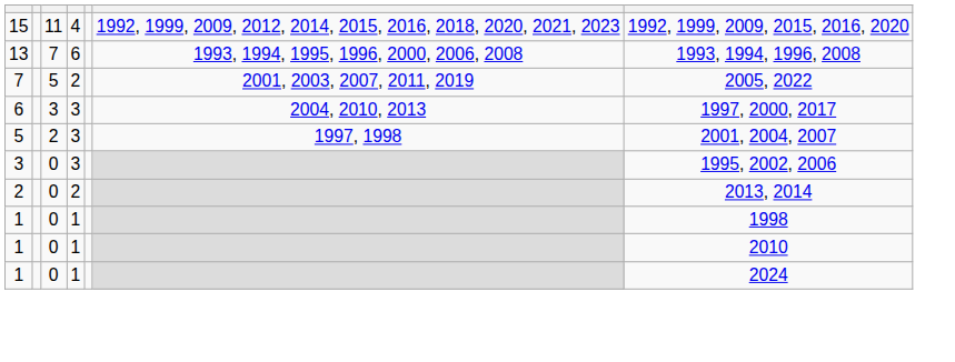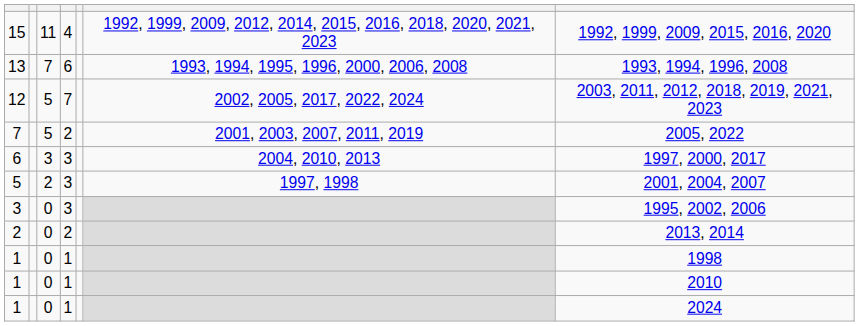 <table class="wikitable" style="text-align:center;">
 <tr>
 <th></th>
 <th></th>
 <th></th>
 <th></th>
 <th></th>
 <th></th>
 <th></th>
 </tr>
 <tr>
 <td>15</td>
 <td style=><a href='#'></a></td>
 <td>11</td>
 <td>4</td>
 <td></td>
 <td><a href='#'>1992</a>, <a href='#'>1999</a>, <a href='#'>2009</a>, <a href='#'>2012</a>, <a href='#'>2014</a>, <a href='#'>2015</a>, <a href='#'>2016</a>, <a href='#'>2018</a>, <a href='#'>2020</a>, <a href='#'>2021</a>, <a href='#'>2023</a></td>
 <td><a href='#'>1992</a>, <a href='#'>1999</a>, <a href='#'>2009</a>, <a href='#'>2015</a>, <a href='#'>2016</a>, <a href='#'>2020</a></td>
 </tr>
 <tr>
 <td>13</td>
 <td style=><a href='#'></a></td>
 <td>7</td>
 <td>6</td>
 <td></td>
 <td><a href='#'>1993</a>, <a href='#'>1994</a>, <a href='#'>1995</a>, <a href='#'>1996</a>, <a href='#'>2000</a>, <a href='#'>2006</a>, <a href='#'>2008</a></td>
 <td><a href='#'>1993</a>, <a href='#'>1994</a>, <a href='#'>1996</a>, <a href='#'>2008</a></td>
+</tr>
+<tr>
+<td>12</td>
+<td style=><a href='#'></a></td>
+<td>5</td>
+<td>7</td>
+<td></td>
+<td><a href='#'>2002</a>, <a href='#'>2005</a>, <a href='#'>2017</a>, <a href='#'>2022</a>, <a href='#'>2024</a></td>
+<td><a href='#'>2003</a>, <a href='#'>2011</a>, <a href='#'>2012</a>, <a href='#'>2018</a>, <a href='#'>2019</a>, <a href='#'>2021</a>, <a href='#'>2023</a></td>
 </tr>
 <tr>
 <td>7</td>
 <td style=><a href='#'></a></td>
 <td>5</td>
 <td>2</td>
 <td></td>
 <td><a href='#'>2001</a>, <a href='#'>2003</a>, <a href='#'>2007</a>, <a href='#'>2011</a>, <a href='#'>2019</a></td>
 <td><a href='#'>2005</a>, <a href='#'>2022</a></td>
 </tr>
 <tr>
 <td>6</td>
 <td style=><a href='#'></a></td>
 <td>3</td>
 <td>3</td>
 <td></td>
 <td><a href='#'>2004</a>, <a href='#'>2010</a>, <a href='#'>2013</a></td>
 <td><a href='#'>1997</a>, <a href='#'>2000</a>, <a href='#'>2017</a></td>
 </tr>
 <tr>
 <td>5</td>
 <td style=><a href='#'></a></td>
 <td>2</td>
 <td>3</td>
 <td></td>
 <td><a href='#'>1997</a>, <a href='#'>1998</a></td>
 <td><a href='#'>2001</a>, <a href='#'>2004</a>, <a href='#'>2007</a></td>
 </tr>
 <tr>
 <td>3</td>
 <td style=><a href='#'></a></td>
 <td>0</td>
 <td>3</td>
 <td></td>
 <td style="background:#DCDCDC;"> </td>
 <td><a href='#'>1995</a>, <a href='#'>2002</a>, <a href='#'>2006</a></td>
 </tr>
 <tr>
 <td>2</td>
 <td style=><a href='#'></a></td>
 <td>0</td>
 <td>2</td>
 <td></td>
 <td style="background:#DCDCDC;"> </td>
 <td><a href='#'>2013</a>, <a href='#'>2014</a></td>
 </tr>
 <tr>
 <td>1</td>
 <td style=><a href='#'></a></td>
 <td>0</td>
 <td>1</td>
 <td></td>
 <td style="background:#DCDCDC;"> </td>
 <td><a href='#'>1998</a></td>
 </tr>
 <tr>
 <td>1</td>
 <td style=><a href='#'></a></td>
 <td>0</td>
 <td>1</td>
 <td></td>
 <td style="background:#DCDCDC;"> </td>
 <td><a href='#'>2010</a></td>
 </tr>
 <tr>
 <td>1</td>
 <td style=><a href='#'></a></td>
 <td>0</td>
 <td>1</td>
 <td></td>
 <td style="background:#DCDCDC;"> </td>
 <td><a href='#'>2024</a></td>
 </tr>
 </table>
